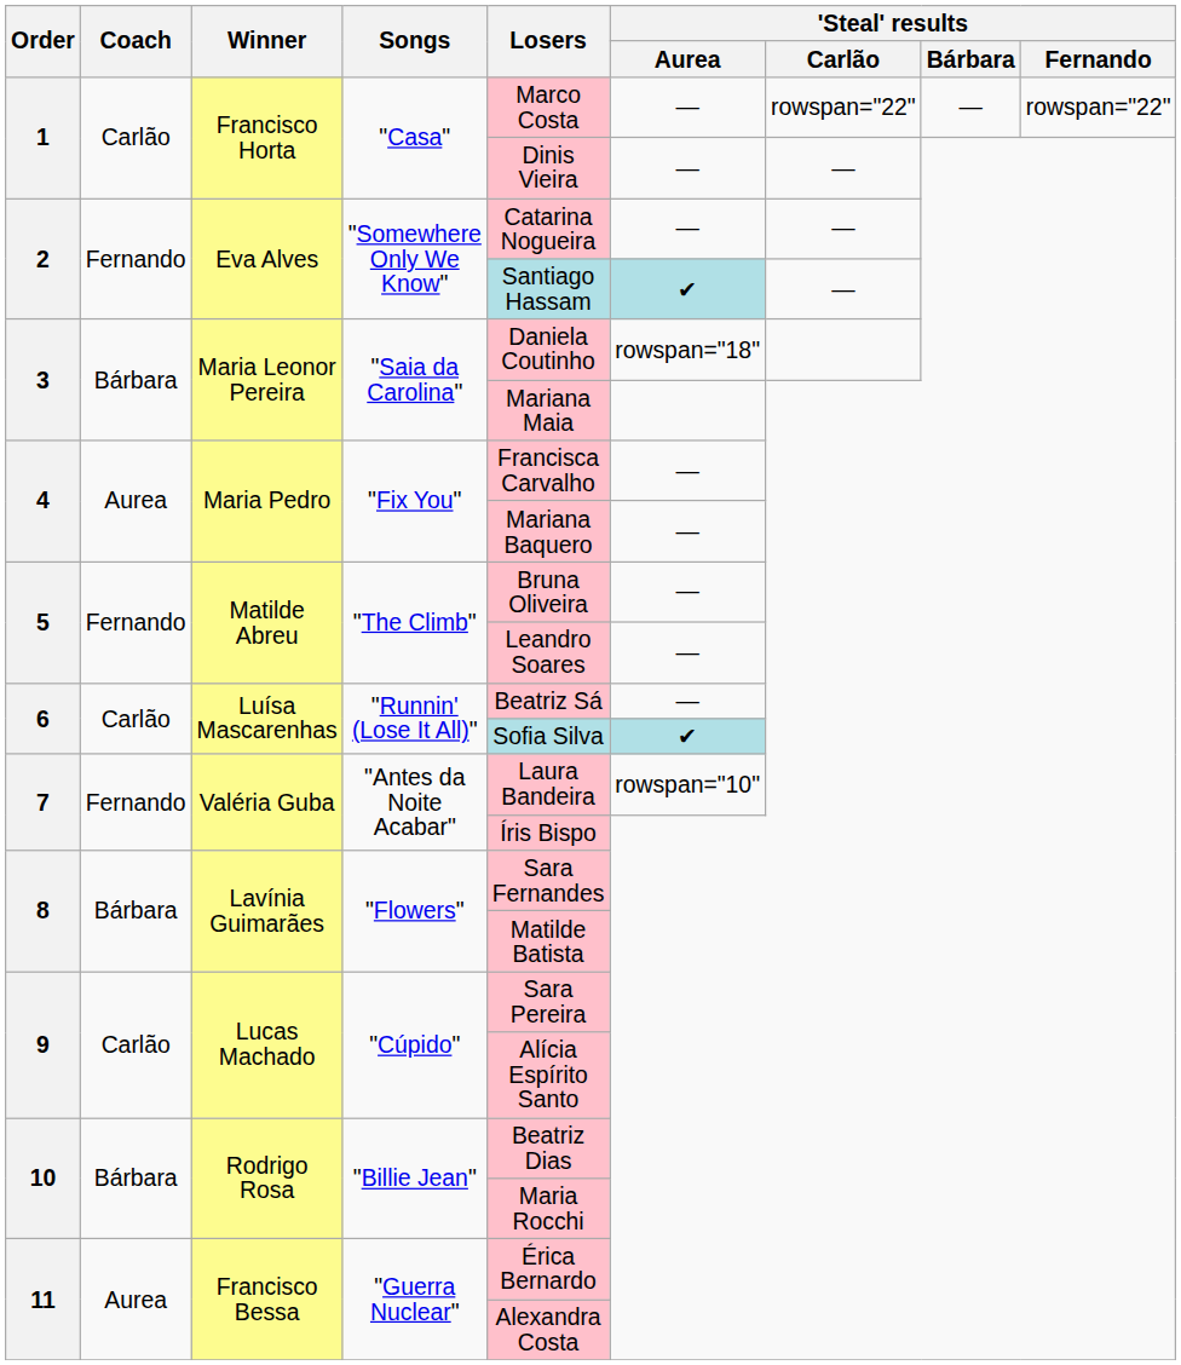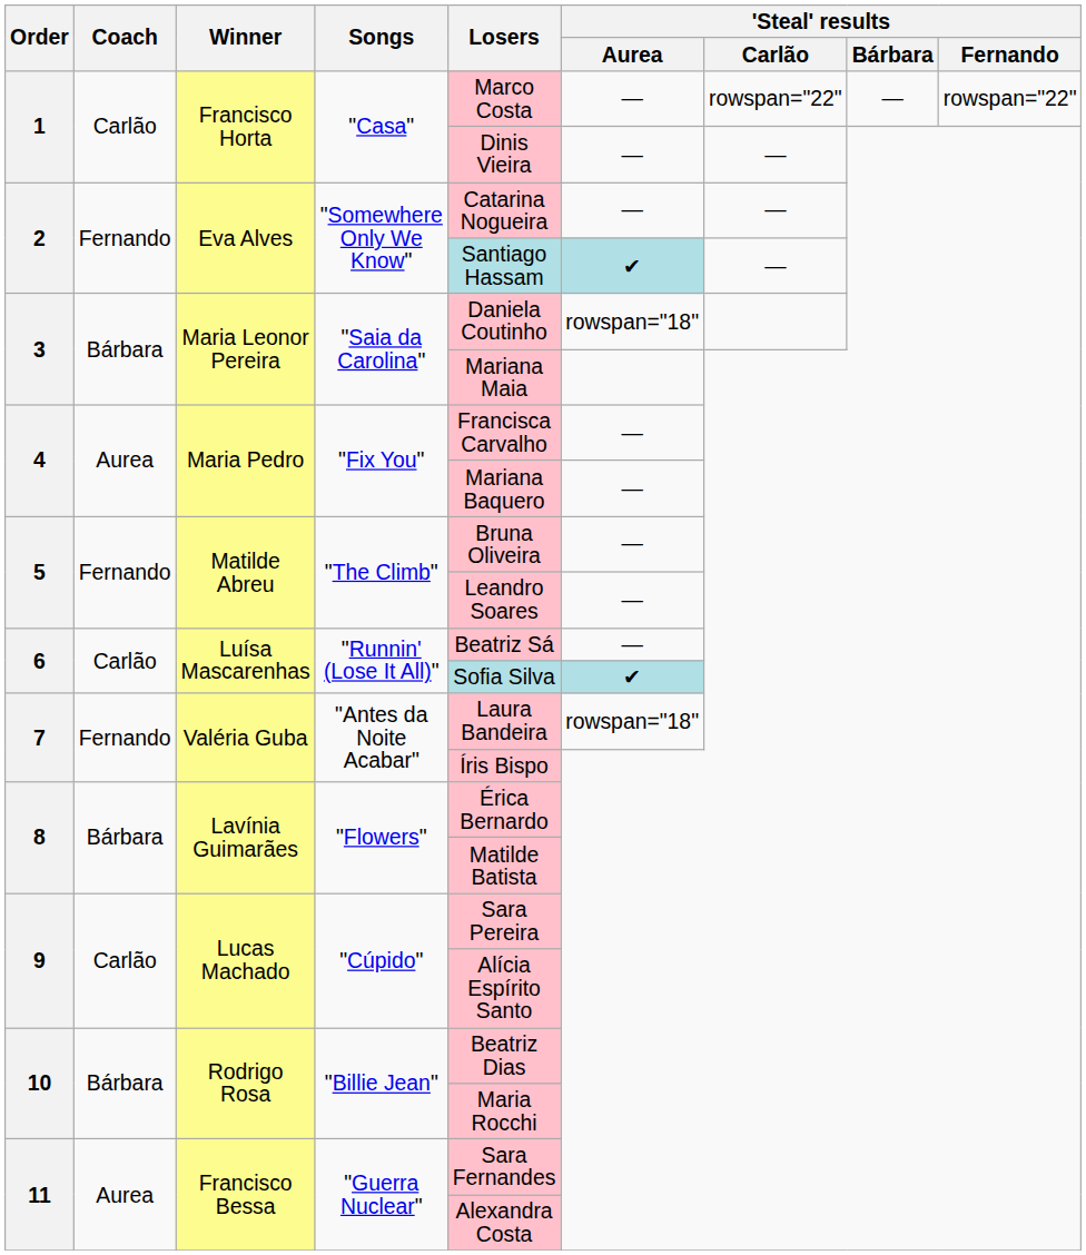 <table class="wikitable" style="text-align:center; line-height:17px; width:95%">
 <tr>
 <th rowspan="2" width="02%">Order</th>
 <th rowspan="2" width="05%">Coach</th>
 <th rowspan="2" width="10%">Winner</th>
 <th rowspan="2" width="10%">Songs</th>
 <th rowspan="2" width="10%">Losers</th>
 <th colspan="4" width="00%">'Steal' results</th>
 </tr>
 <tr>
 <th style="width: 7%">Aurea</th>
 <th style="width: 7%">Carlão</th>
 <th style="width: 7%">Bárbara</th>
 <th style="width: 7%">Fernando</th>
 </tr>
 <tr>
 <th rowspan="2">1</th>
 <td rowspan="2">Carlão</td>
 <td rowspan="2" style="background:#fdfc8f">Francisco Horta</td>
 <td rowspan="2">"<a href='#'>Casa</a>"</td>
 <td style="background:pink">Marco Costa</td>
 <td>—</td>
 <td>rowspan="22" </td>
 <td>—</td>
 <td>rowspan="22" </td>
 </tr>
 <tr>
 <td style="background:pink">Dinis Vieira</td>
 <td>—</td>
 <td>—</td>
 </tr>
 <tr>
 <th rowspan="2">2</th>
 <td rowspan="2">Fernando</td>
 <td rowspan="2" style="background:#fdfc8f">Eva Alves</td>
 <td rowspan="2">"<a href='#'>Somewhere Only We Know</a>"</td>
 <td style="background:pink">Catarina Nogueira</td>
 <td>—</td>
 <td>—</td>
 </tr>
 <tr>
 <td style="background:#B0E0E6">Santiago Hassam</td>
 <td style="background:#B0E0E6">✔</td>
 <td>—</td>
 </tr>
 <tr>
 <th rowspan="2">3</th>
 <td rowspan="2">Bárbara</td>
 <td rowspan="2" style="background:#fdfc8f">Maria Leonor Pereira</td>
 <td rowspan="2">"<a href='#'>Saia da Carolina</a>"</td>
 <td style="background:pink">Daniela Coutinho</td>
 <td>rowspan="18" </td>
 <td></td>
 </tr>
 <tr>
 <td style="background:pink">Mariana Maia</td>
 <td></td>
 </tr>
 <tr>
 <th rowspan="2">4</th>
 <td rowspan="2">Aurea</td>
 <td rowspan="2" style="background:#fdfc8f">Maria Pedro</td>
 <td rowspan="2">"<a href='#'>Fix You</a>"</td>
 <td style="background:pink">Francisca Carvalho</td>
 <td>—</td>
 </tr>
 <tr>
 <td style="background:pink">Mariana Baquero</td>
 <td>—</td>
 </tr>
 <tr>
 <th rowspan="2">5</th>
 <td rowspan="2">Fernando</td>
 <td rowspan="2" style="background:#fdfc8f">Matilde Abreu</td>
 <td rowspan="2">"<a href='#'>The Climb</a>"</td>
 <td style="background:pink">Bruna Oliveira</td>
 <td>—</td>
 </tr>
 <tr>
 <td style="background:pink">Leandro Soares</td>
 <td>—</td>
 </tr>
 <tr>
 <th rowspan="2">6</th>
 <td rowspan="2">Carlão</td>
 <td rowspan="2" style="background:#fdfc8f">Luísa Mascarenhas</td>
 <td rowspan="2">"<a href='#'>Runnin' (Lose It All)</a>"</td>
 <td style="background:pink">Beatriz Sá</td>
 <td>—</td>
 </tr>
 <tr>
 <td style="background:#B0E0E6">Sofia Silva</td>
 <td style="background:#B0E0E6">✔</td>
 </tr>
 <tr>
 <th rowspan="2">7</th>
 <td rowspan="2">Fernando</td>
 <td rowspan="2" style="background:#fdfc8f">Valéria Guba</td>
 <td rowspan="2">"Antes da Noite Acabar"</td>
 <td style="background:pink">Laura Bandeira</td>
-<td>rowspan="10" </td>
+<td>rowspan="18" </td>
 </tr>
 <tr>
 <td style="background:pink">Íris Bispo</td>
 </tr>
 <tr>
 <th rowspan="2">8</th>
 <td rowspan="2">Bárbara</td>
 <td rowspan="2" style="background:#fdfc8f">Lavínia Guimarães</td>
 <td rowspan="2">"<a href='#'>Flowers</a>"</td>
-<td style="background:pink">Sara Fernandes</td>
+<td style="background:pink">Érica Bernardo</td>
 </tr>
 <tr>
 <td style="background:pink">Matilde Batista</td>
 </tr>
 <tr>
 <th rowspan="2">9</th>
 <td rowspan="2">Carlão</td>
 <td rowspan="2" style="background:#fdfc8f">Lucas Machado</td>
 <td rowspan="2">"<a href='#'>Cúpido</a>"</td>
 <td style="background:pink">Sara Pereira</td>
 </tr>
 <tr>
 <td style="background:pink">Alícia Espírito Santo</td>
 </tr>
 <tr>
 <th rowspan="2">10</th>
 <td rowspan="2">Bárbara</td>
 <td rowspan="2" style="background:#fdfc8f">Rodrigo Rosa</td>
 <td rowspan="2">"<a href='#'>Billie Jean</a>"</td>
 <td style="background:pink">Beatriz Dias</td>
 </tr>
 <tr>
 <td style="background:pink">Maria Rocchi</td>
 </tr>
 <tr>
 <th rowspan="2">11</th>
 <td rowspan="2">Aurea</td>
 <td rowspan="2" style="background:#fdfc8f">Francisco Bessa</td>
 <td rowspan="2">"<a href='#'>Guerra Nuclear</a>"</td>
-<td style="background:pink">Érica Bernardo</td>
+<td style="background:pink">Sara Fernandes</td>
 </tr>
 <tr>
 <td style="background:pink">Alexandra Costa</td>
 </tr>
 </table>
